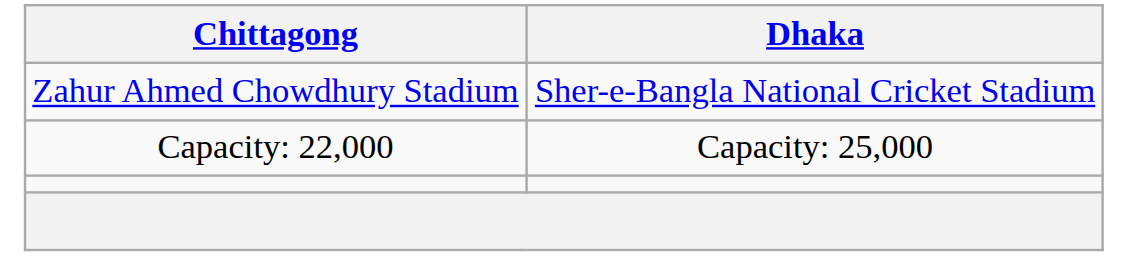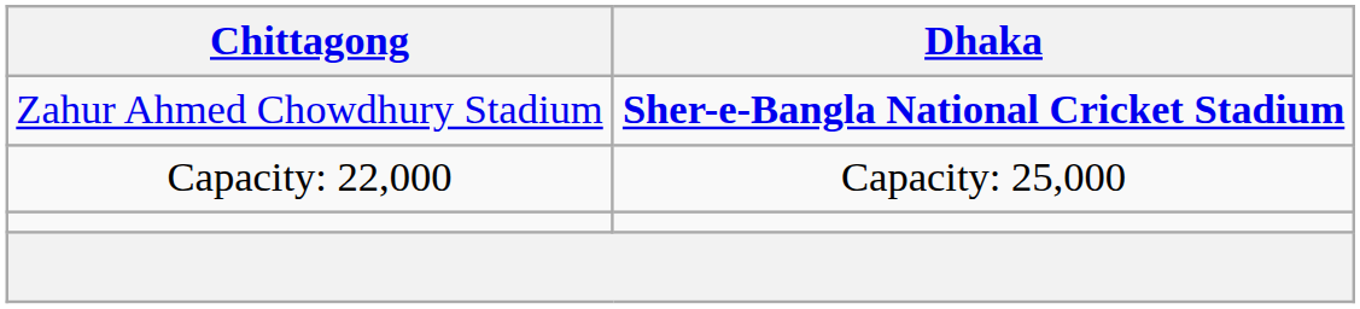 <table class="wikitable" style="margin:1em auto; text-align:center; font-size:90%">
 <tr>
 <th><a href='#'>Chittagong</a></th>
 <th><a href='#'>Dhaka</a></th>
 </tr>
 <tr>
 <td><a href='#'>Zahur Ahmed Chowdhury Stadium</a></td>
-<td><a href='#'>Sher-e-Bangla National Cricket Stadium</a></td>
+<td><strong><a href='#'>Sher-e-Bangla National Cricket Stadium</a></strong></td>
 </tr>
 <tr>
 <td>Capacity: 22,000</td>
 <td>Capacity: 25,000</td>
 </tr>
 <tr>
 <td></td>
 <td></td>
 </tr>
 <tr>
 <th colspan=2><br></th>
 </tr>
 </table>
